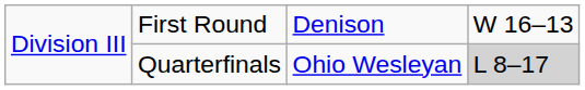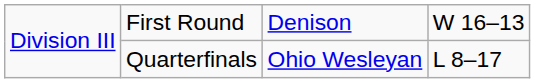 <table class="wikitable">
 <tr>
 <td rowspan="5"><a href='#'>Division III</a></td>
 <td>First Round</td>
 <td><a href='#'>Denison</a></td>
 <td>W 16–13</td>
 </tr>
 <tr>
 <td>Quarterfinals</td>
 <td><a href='#'>Ohio Wesleyan</a></td>
-<td style="background: lightgrey;">L 8–17</td>
+<td>L 8–17</td>
 </tr>
 </table>
